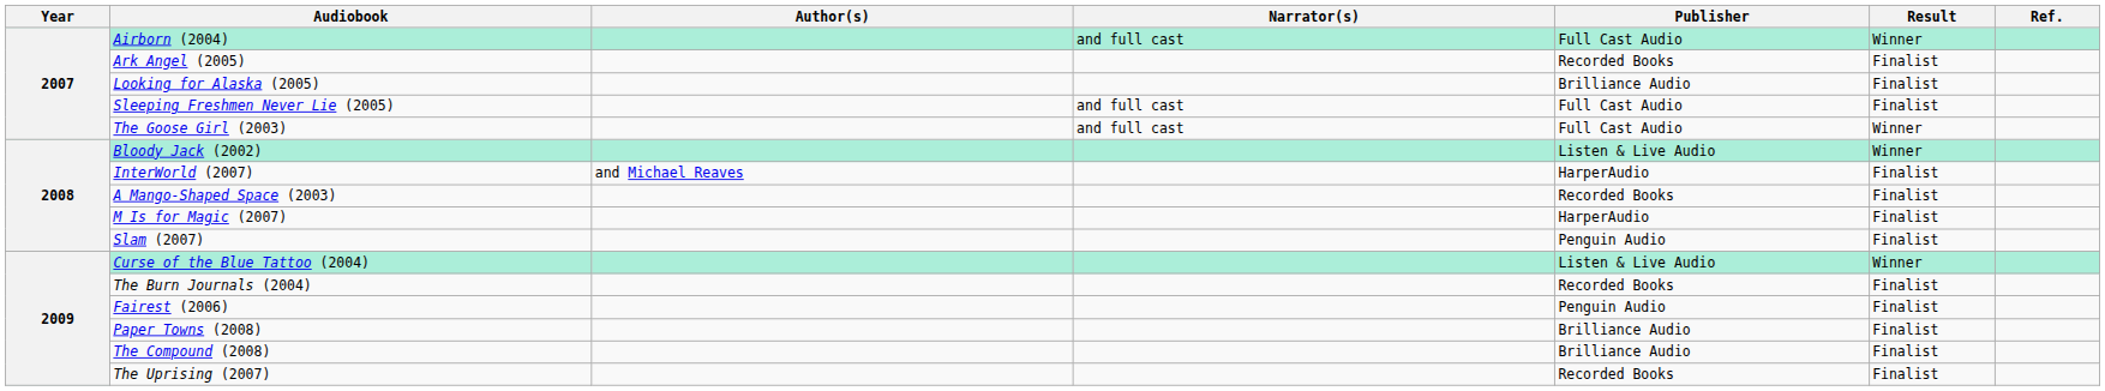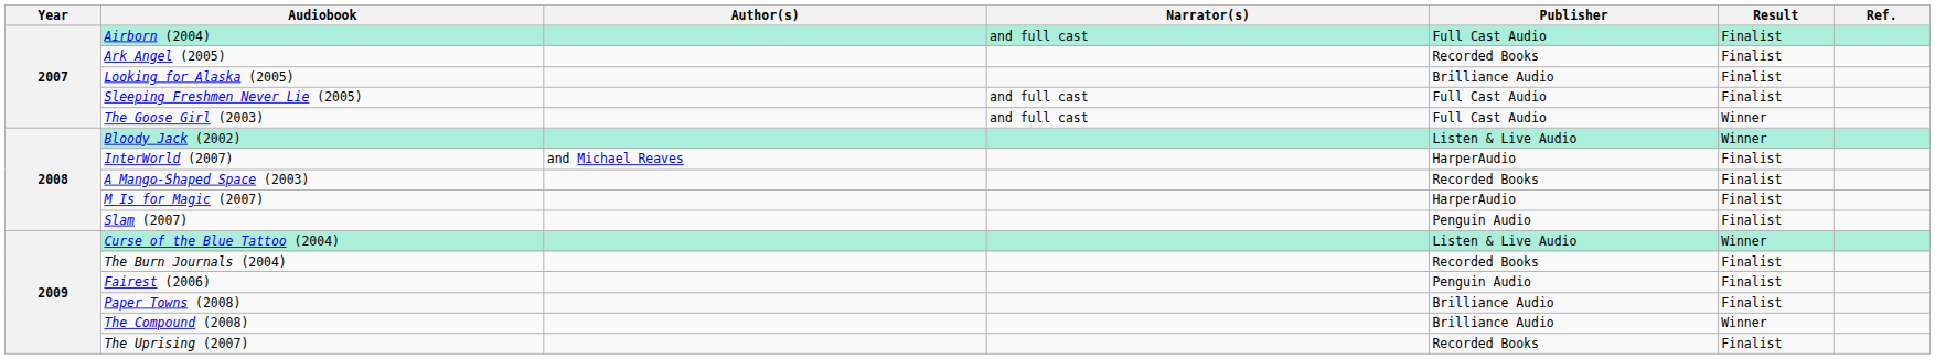 <table class="wikitable sortable mw-collapsible" style="width:100%">
 <tr>
 <th scope="col" width="5%">Year</th>
 <th scope="col" width="23%">Audiobook</th>
 <th scope="col" width="23%">Author(s)</th>
 <th scope="col" width="23%">Narrator(s)</th>
 <th scope="col" width="15%”">Publisher</th>
 <th scope="col" width=“6%”>Result</th>
 <th scope="col" width="5%">Ref.</th>
 </tr>
 <tr style="background:#ABEED9">
 <th rowspan="5">2007<br></th>
 <td><em><a href='#'>Airborn</a></em> (2004)</td>
 <td></td>
 <td> and full cast</td>
 <td>Full Cast Audio</td>
-<td>Winner</td>
+<td>Finalist</td>
 <td></td>
 </tr>
 <tr>
 <td><em><a href='#'>Ark Angel</a></em> (2005)</td>
 <td></td>
 <td></td>
 <td>Recorded Books</td>
 <td>Finalist</td>
 <td></td>
 </tr>
 <tr>
 <td><em><a href='#'>Looking for Alaska</a></em> (2005)</td>
 <td></td>
 <td></td>
 <td>Brilliance Audio</td>
 <td>Finalist</td>
 <td></td>
 </tr>
 <tr>
 <td><em><a href='#'>Sleeping Freshmen Never Lie</a></em> (2005)</td>
 <td></td>
 <td> and full cast</td>
 <td>Full Cast Audio</td>
 <td>Finalist</td>
 <td></td>
 </tr>
 <tr>
 <td><em><a href='#'>The Goose Girl</a></em> (2003)</td>
 <td></td>
 <td> and full cast</td>
 <td>Full Cast Audio</td>
 <td>Winner</td>
 <td></td>
 </tr>
 <tr style="background:#ABEED9">
 <th rowspan="5">2008<br></th>
 <td><em><a href='#'>Bloody Jack</a></em> (2002)</td>
 <td></td>
 <td></td>
 <td>Listen & Live Audio</td>
 <td>Winner</td>
 <td></td>
 </tr>
 <tr>
 <td><em><a href='#'>InterWorld</a></em> (2007)</td>
 <td> and <a href='#'>Michael Reaves</a></td>
 <td></td>
 <td>HarperAudio</td>
 <td>Finalist</td>
 <td></td>
 </tr>
 <tr>
 <td><em><a href='#'>A Mango-Shaped Space</a></em> (2003)</td>
 <td></td>
 <td></td>
 <td>Recorded Books</td>
 <td>Finalist</td>
 <td></td>
 </tr>
 <tr>
 <td><em><a href='#'>M Is for Magic</a></em> (2007)</td>
 <td></td>
 <td></td>
 <td>HarperAudio</td>
 <td>Finalist</td>
 <td></td>
 </tr>
 <tr>
 <td><em><a href='#'>Slam</a></em> (2007)</td>
 <td></td>
 <td></td>
 <td>Penguin Audio</td>
 <td>Finalist</td>
 <td></td>
 </tr>
 <tr style="background:#ABEED9">
 <th rowspan="6">2009<br></th>
 <td><em><a href='#'>Curse of the Blue Tattoo</a></em> (2004)</td>
 <td></td>
 <td></td>
 <td>Listen & Live Audio</td>
 <td>Winner</td>
 <td></td>
 </tr>
 <tr>
 <td><em>The Burn Journals</em> (2004)</td>
 <td></td>
 <td></td>
 <td>Recorded Books</td>
 <td>Finalist</td>
 <td></td>
 </tr>
 <tr>
 <td><em><a href='#'>Fairest</a></em> (2006)</td>
 <td></td>
 <td></td>
 <td>Penguin Audio</td>
 <td>Finalist</td>
 <td></td>
 </tr>
 <tr>
 <td><em><a href='#'>Paper Towns</a></em> (2008)</td>
 <td></td>
 <td></td>
 <td>Brilliance Audio</td>
 <td>Finalist</td>
 <td></td>
 </tr>
 <tr>
 <td><em><a href='#'>The Compound</a></em> (2008)</td>
 <td></td>
 <td></td>
 <td>Brilliance Audio</td>
-<td>Finalist</td>
+<td>Winner</td>
 <td></td>
 </tr>
 <tr>
 <td><em>The Uprising</em> (2007)</td>
 <td></td>
 <td></td>
 <td>Recorded Books</td>
 <td>Finalist</td>
 <td></td>
 </tr>
 </table>
